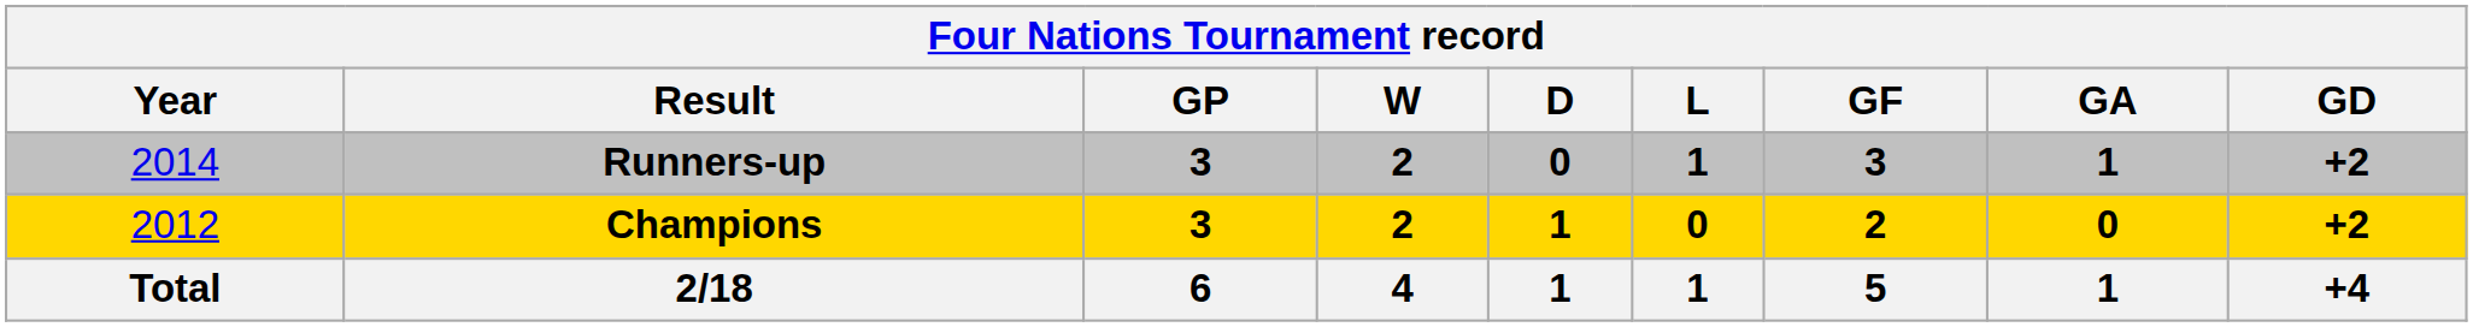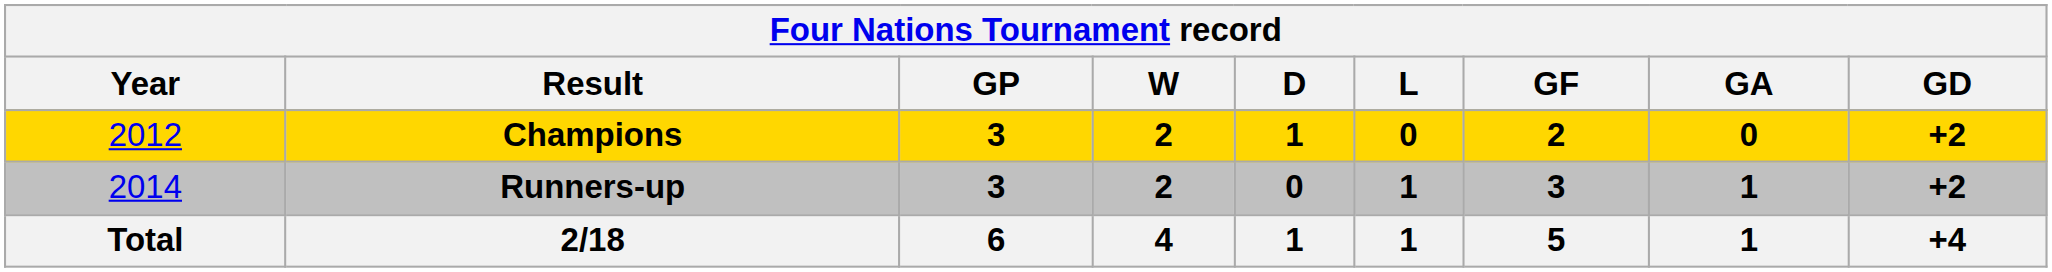 <table class="wikitable" style="text-align: center; width:50%;">
 <tr style="background:;">
 <th colspan=9> <a href='#'>Four Nations Tournament</a> record</th>
 </tr>
 <tr>
 <th>Year</th>
 <th>Result</th>
 <th>GP</th>
 <th>W</th>
 <th>D</th>
 <th>L</th>
 <th>GF</th>
 <th>GA</th>
 <th>GD</th>
 </tr>
+<tr bgcolor=gold>
+<td><a href='#'>2012</a></td>
+<td><strong>Champions</strong></td>
+<td><strong>3</strong></td>
+<td><strong>2</strong></td>
+<td><strong>1</strong></td>
+<td><strong>0</strong></td>
+<td><strong>2</strong></td>
+<td><strong>0</strong></td>
+<td><strong>+2</strong></td>
+</tr>
 <tr bgcolor=silver>
 <td><a href='#'>2014</a></td>
 <td><strong>Runners-up</strong></td>
 <td><strong>3</strong></td>
 <td><strong>2</strong></td>
 <td><strong>0</strong></td>
 <td><strong>1</strong></td>
 <td><strong>3</strong></td>
 <td><strong>1</strong></td>
-<td><strong>+2</strong></td>
-</tr>
-<tr bgcolor=gold>
-<td><a href='#'>2012</a></td>
-<td><strong>Champions</strong></td>
-<td><strong>3</strong></td>
-<td><strong>2</strong></td>
-<td><strong>1</strong></td>
-<td><strong>0</strong></td>
-<td><strong>2</strong></td>
-<td><strong>0</strong></td>
 <td><strong>+2</strong></td>
 </tr>
 <tr>
 <th><strong>Total</strong></th>
 <th><strong>2/18</strong></th>
 <th><strong>6</strong></th>
 <th><strong>4</strong></th>
 <th><strong>1</strong></th>
 <th><strong>1</strong></th>
 <th><strong>5</strong></th>
 <th><strong>1</strong></th>
 <th><strong>+4</strong></th>
 </tr>
 </table>
